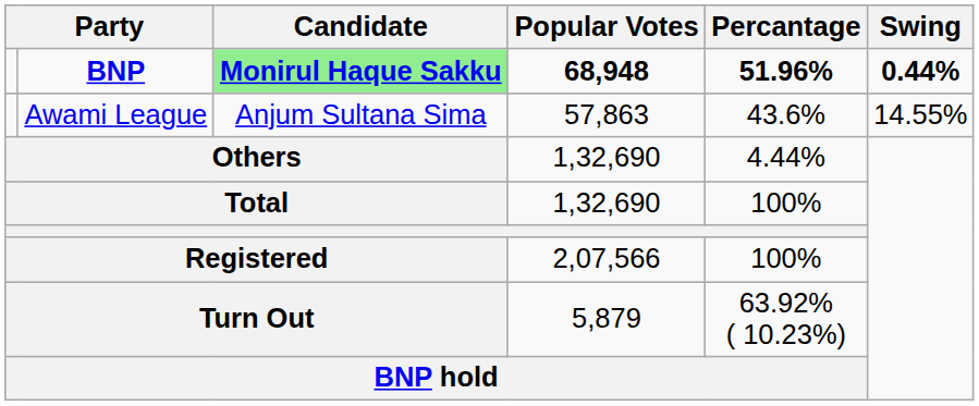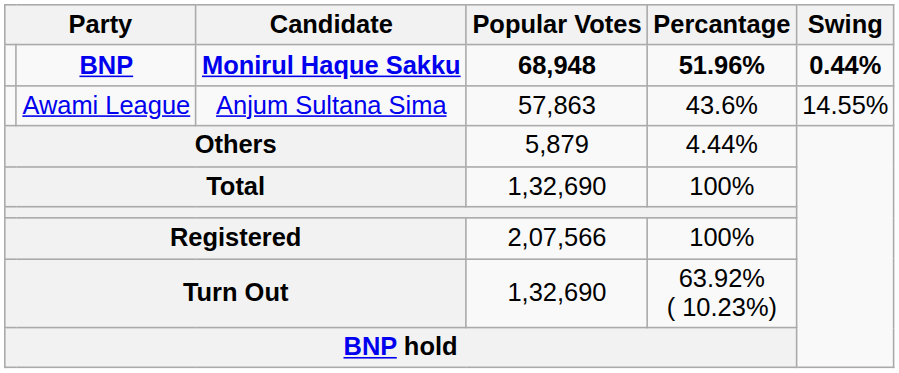 <table class="wikitable" style="text-align:center">
 <tr>
 <th colspan="2">Party</th>
 <th>Candidate</th>
 <th>Popular Votes</th>
 <th>Percantage</th>
 <th>Swing</th>
 </tr>
 <tr>
 <td style="background:"></td>
 <td><strong><a href='#'>BNP</a></strong></td>
-<td style="background: lightgreen;"><strong><a href='#'>Monirul Haque Sakku</a></strong></td>
+<td><strong><a href='#'>Monirul Haque Sakku</a></strong></td>
 <td><strong>68,948</strong></td>
 <td><strong>51.96%</strong></td>
 <td><strong>0.44%</strong></td>
 </tr>
 <tr>
 <td style="background:"></td>
 <td><a href='#'>Awami League</a></td>
 <td><a href='#'>Anjum Sultana Sima</a></td>
 <td>57,863</td>
 <td>43.6%</td>
 <td>14.55%</td>
 </tr>
 <tr>
 <th colspan="3">Others</th>
-<td>1,32,690</td>
+<td>5,879</td>
 <td>4.44%</td>
 </tr>
 <tr>
 <th colspan="3">Total</th>
 <td>1,32,690</td>
 <td>100%</td>
 </tr>
 <tr>
 <th colspan="5"></th>
 </tr>
 <tr>
 <th colspan="3">Registered</th>
 <td>2,07,566</td>
 <td>100%</td>
 </tr>
 <tr>
 <th colspan="3">Turn Out</th>
-<td>5,879</td>
+<td>1,32,690</td>
 <td>63.92%<br>( 10.23%)</td>
 </tr>
 <tr>
 <th colspan="5"><strong><a href='#'>BNP</a> hold</strong></th>
 </tr>
 </table>
